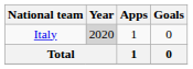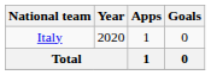 <table class="wikitable" style="text-align:center">
 <tr>
 <th>National team</th>
 <th>Year</th>
 <th>Apps</th>
 <th>Goals</th>
 </tr>
 <tr>
 <td><a href='#'>Italy</a></td>
-<td style="background: lightgrey;">2020</td>
+<td>2020</td>
 <td>1</td>
 <td>0</td>
 </tr>
 <tr>
 <th colspan="2">Total</th>
 <th>1</th>
 <th>0</th>
 </tr>
 <tr>
 </tr>
 </table>
